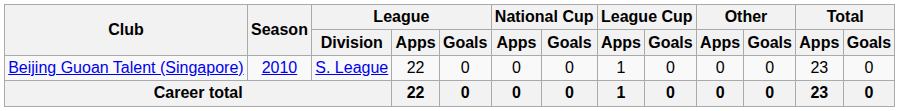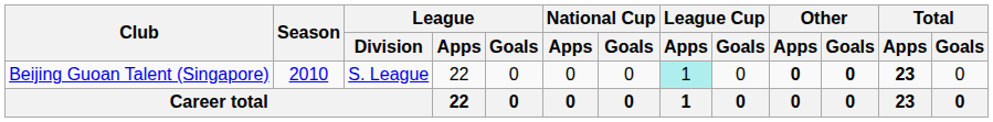 <table class="wikitable" style="text-align: center">
 <tr>
 <th rowspan="2">Club</th>
 <th rowspan="2">Season</th>
 <th colspan="3">League</th>
 <th colspan="2">National Cup</th>
 <th colspan="2">League Cup</th>
 <th colspan="2">Other</th>
 <th colspan="2">Total</th>
 </tr>
 <tr>
 <th>Division</th>
 <th>Apps</th>
 <th>Goals</th>
 <th>Apps</th>
 <th>Goals</th>
 <th>Apps</th>
 <th>Goals</th>
 <th>Apps</th>
 <th>Goals</th>
 <th>Apps</th>
 <th>Goals</th>
 </tr>
 <tr>
 <td><a href='#'>Beijing Guoan Talent (Singapore)</a></td>
 <td><a href='#'>2010</a></td>
 <td><a href='#'>S. League</a></td>
 <td>22</td>
 <td>0</td>
 <td>0</td>
 <td>0</td>
-<td>1</td>
+<td style="background: paleturquoise;">1</td>
 <td>0</td>
-<td>0</td>
-<td>0</td>
-<td>23</td>
+<td><strong>0</strong></td>
+<td><strong>0</strong></td>
+<td><strong>23</strong></td>
 <td>0</td>
 </tr>
 <tr>
 <th colspan=3>Career total</th>
 <th>22</th>
 <th>0</th>
 <th>0</th>
 <th>0</th>
 <th>1</th>
 <th>0</th>
 <th>0</th>
 <th>0</th>
 <th>23</th>
 <th>0</th>
 </tr>
 </table>
